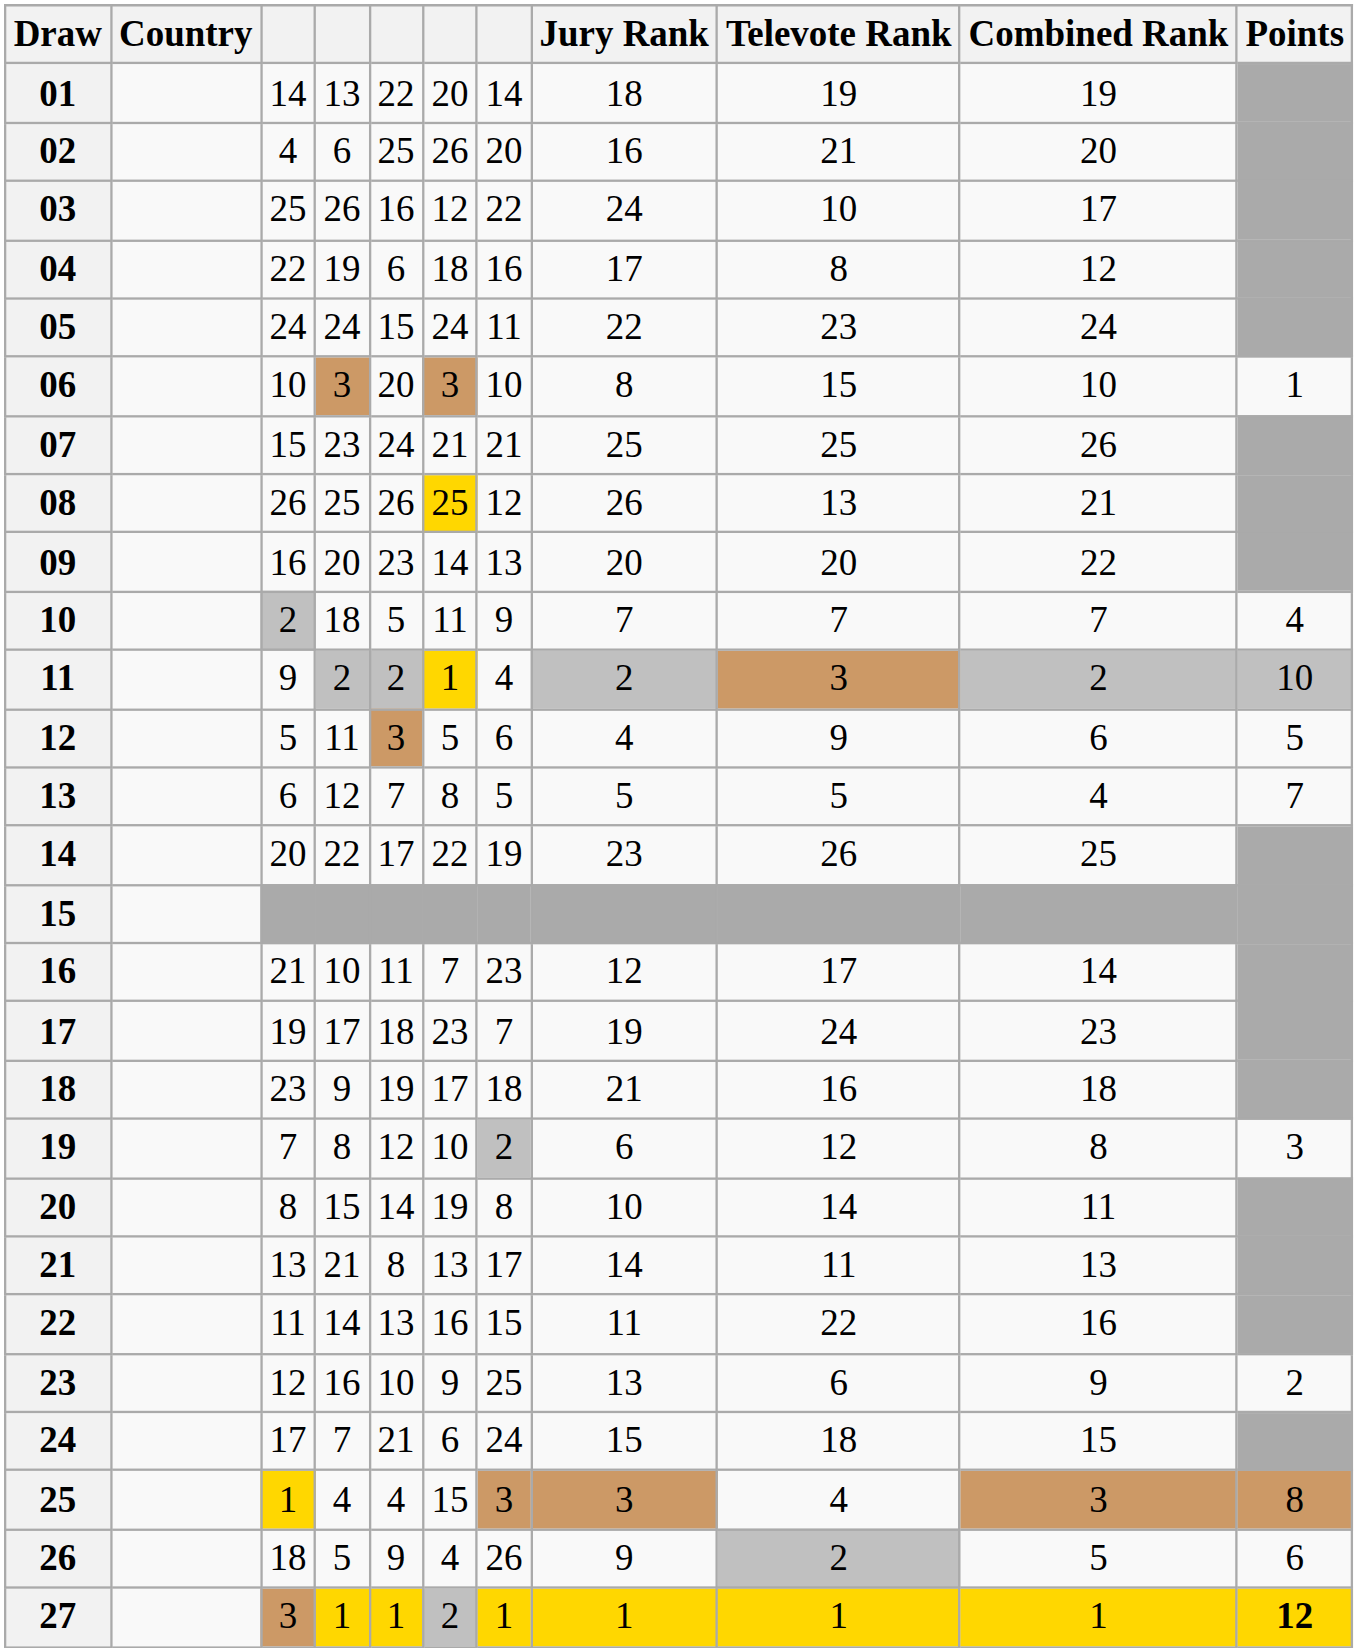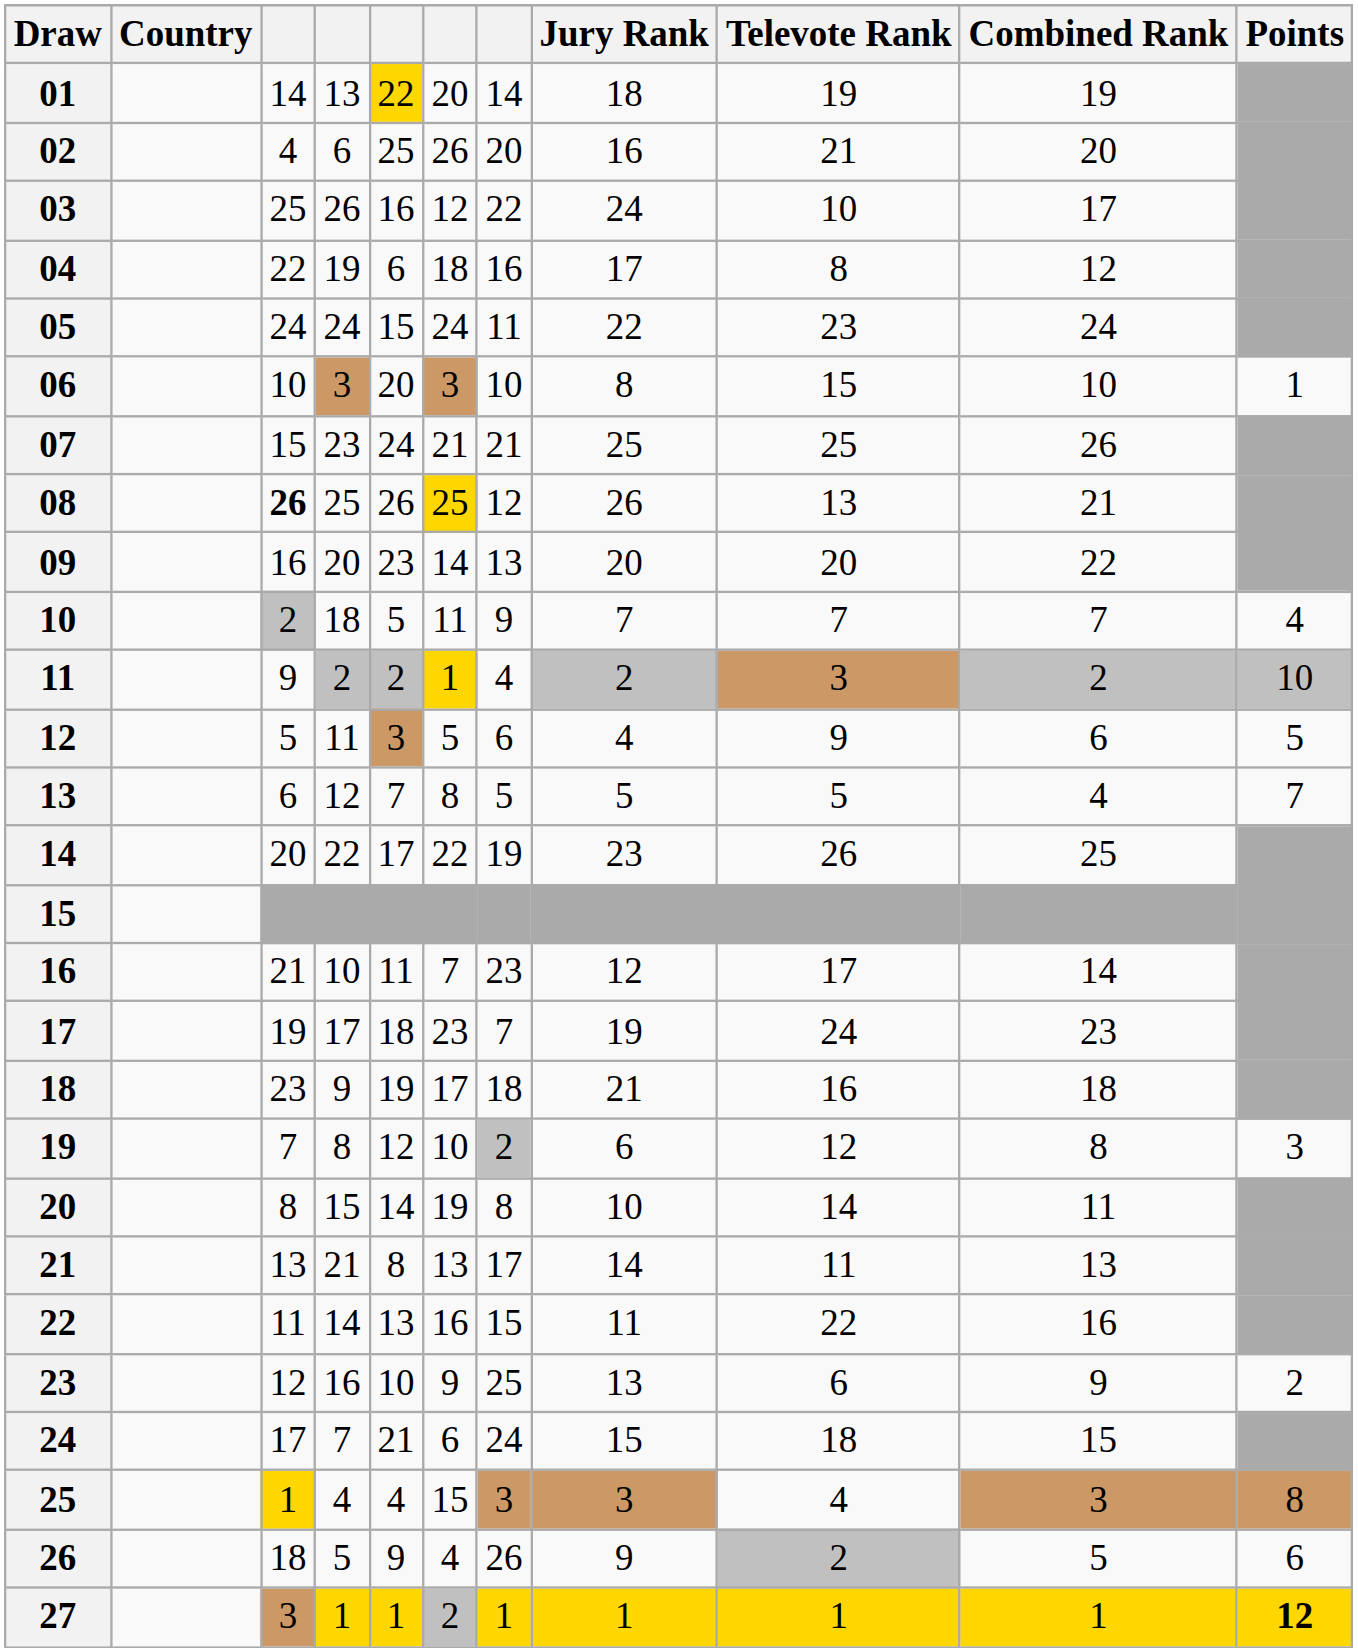 <table class="sortable wikitable collapsible plainrowheaders" style="text-align:center;">
 <tr>
 </tr>
 <tr>
 <th scope="col">Draw</th>
 <th scope="col">Country</th>
 <th scope="col"><small></small></th>
 <th scope="col"><small></small></th>
 <th scope="col"><small></small></th>
 <th scope="col"><small></small></th>
 <th scope="col"><small></small></th>
 <th scope="col">Jury Rank</th>
 <th scope="col">Televote Rank</th>
 <th scope="col">Combined Rank</th>
 <th scope="col">Points</th>
 </tr>
 <tr>
 <th scope="row" style="text-align:center;">01</th>
 <td style="text-align:left;"></td>
 <td>14</td>
 <td>13</td>
-<td>22</td>
+<td style="background: gold;">22</td>
 <td>20</td>
 <td>14</td>
 <td>18</td>
 <td>19</td>
 <td>19</td>
 <td style="background:#AAAAAA;"></td>
 </tr>
 <tr>
 <th scope="row" style="text-align:center;">02</th>
 <td style="text-align:left;"></td>
 <td>4</td>
 <td>6</td>
 <td>25</td>
 <td>26</td>
 <td>20</td>
 <td>16</td>
 <td>21</td>
 <td>20</td>
 <td style="background:#AAAAAA;"></td>
 </tr>
 <tr>
 <th scope="row" style="text-align:center;">03</th>
 <td style="text-align:left;"></td>
 <td>25</td>
 <td>26</td>
 <td>16</td>
 <td>12</td>
 <td>22</td>
 <td>24</td>
 <td>10</td>
 <td>17</td>
 <td style="background:#AAAAAA;"></td>
 </tr>
 <tr>
 <th scope="row" style="text-align:center;">04</th>
 <td style="text-align:left;"></td>
 <td>22</td>
 <td>19</td>
 <td>6</td>
 <td>18</td>
 <td>16</td>
 <td>17</td>
 <td>8</td>
 <td>12</td>
 <td style="background:#AAAAAA;"></td>
 </tr>
 <tr>
 <th scope="row" style="text-align:center;">05</th>
 <td style="text-align:left;"></td>
 <td>24</td>
 <td>24</td>
 <td>15</td>
 <td>24</td>
 <td>11</td>
 <td>22</td>
 <td>23</td>
 <td>24</td>
 <td style="background:#AAAAAA;"></td>
 </tr>
 <tr>
 <th scope="row" style="text-align:center;">06</th>
 <td style="text-align:left;"></td>
 <td>10</td>
 <td style="background:#CC9966;">3</td>
 <td>20</td>
 <td style="background:#CC9966;">3</td>
 <td>10</td>
 <td>8</td>
 <td>15</td>
 <td>10</td>
 <td>1</td>
 </tr>
 <tr>
 <th scope="row" style="text-align:center;">07</th>
 <td style="text-align:left;"></td>
 <td>15</td>
 <td>23</td>
 <td>24</td>
 <td>21</td>
 <td>21</td>
 <td>25</td>
 <td>25</td>
 <td>26</td>
 <td style="background:#AAAAAA;"></td>
 </tr>
 <tr>
 <th scope="row" style="text-align:center;">08</th>
 <td style="text-align:left;"></td>
-<td>26</td>
+<td><strong>26</strong></td>
 <td>25</td>
 <td>26</td>
 <td style="background: gold;">25</td>
 <td>12</td>
 <td>26</td>
 <td>13</td>
 <td>21</td>
 <td style="background:#AAAAAA;"></td>
 </tr>
 <tr>
 <th scope="row" style="text-align:center;">09</th>
 <td style="text-align:left;"></td>
 <td>16</td>
 <td>20</td>
 <td>23</td>
 <td>14</td>
 <td>13</td>
 <td>20</td>
 <td>20</td>
 <td>22</td>
 <td style="background:#AAAAAA;"></td>
 </tr>
 <tr>
 <th scope="row" style="text-align:center;">10</th>
 <td style="text-align:left;"></td>
 <td style="background:silver;">2</td>
 <td>18</td>
 <td>5</td>
 <td>11</td>
 <td>9</td>
 <td>7</td>
 <td>7</td>
 <td>7</td>
 <td>4</td>
 </tr>
 <tr>
 <th scope="row" style="text-align:center;">11</th>
 <td style="text-align:left;"></td>
 <td>9</td>
 <td style="background:silver;">2</td>
 <td style="background:silver;">2</td>
 <td style="background:gold;">1</td>
 <td>4</td>
 <td style="background:silver;">2</td>
 <td style="background:#CC9966;">3</td>
 <td style="background:silver;">2</td>
 <td style="background:silver;">10</td>
 </tr>
 <tr>
 <th scope="row" style="text-align:center;">12</th>
 <td style="text-align:left;"></td>
 <td>5</td>
 <td>11</td>
 <td style="background:#CC9966;">3</td>
 <td>5</td>
 <td>6</td>
 <td>4</td>
 <td>9</td>
 <td>6</td>
 <td>5</td>
 </tr>
 <tr>
 <th scope="row" style="text-align:center;">13</th>
 <td style="text-align:left;"></td>
 <td>6</td>
 <td>12</td>
 <td>7</td>
 <td>8</td>
 <td>5</td>
 <td>5</td>
 <td>5</td>
 <td>4</td>
 <td>7</td>
 </tr>
 <tr>
 <th scope="row" style="text-align:center;">14</th>
 <td style="text-align:left;"></td>
 <td>20</td>
 <td>22</td>
 <td>17</td>
 <td>22</td>
 <td>19</td>
 <td>23</td>
 <td>26</td>
 <td>25</td>
 <td style="background:#AAAAAA;"></td>
 </tr>
 <tr class="sortbottom">
 <th scope="row" style="text-align:center;">15</th>
 <td style="text-align:left;"></td>
 <td style="background:#AAAAAA;"></td>
 <td style="background:#AAAAAA;"></td>
 <td style="background:#AAAAAA;"></td>
 <td style="background:#AAAAAA;"></td>
 <td style="background:#AAAAAA;"></td>
 <td style="background:#AAAAAA;"></td>
 <td style="background:#AAAAAA;"></td>
 <td style="background:#AAAAAA;"></td>
 <td style="background:#AAAAAA;"></td>
 </tr>
 <tr>
 <th scope="row" style="text-align:center;">16</th>
 <td style="text-align:left;"></td>
 <td>21</td>
 <td>10</td>
 <td>11</td>
 <td>7</td>
 <td>23</td>
 <td>12</td>
 <td>17</td>
 <td>14</td>
 <td style="background:#AAAAAA;"></td>
 </tr>
 <tr>
 <th scope="row" style="text-align:center;">17</th>
 <td style="text-align:left;"></td>
 <td>19</td>
 <td>17</td>
 <td>18</td>
 <td>23</td>
 <td>7</td>
 <td>19</td>
 <td>24</td>
 <td>23</td>
 <td style="background:#AAAAAA;"></td>
 </tr>
 <tr>
 <th scope="row" style="text-align:center;">18</th>
 <td style="text-align:left;"></td>
 <td>23</td>
 <td>9</td>
 <td>19</td>
 <td>17</td>
 <td>18</td>
 <td>21</td>
 <td>16</td>
 <td>18</td>
 <td style="background:#AAAAAA;"></td>
 </tr>
 <tr>
 <th scope="row" style="text-align:center;">19</th>
 <td style="text-align:left;"></td>
 <td>7</td>
 <td>8</td>
 <td>12</td>
 <td>10</td>
 <td style="background:silver;">2</td>
 <td>6</td>
 <td>12</td>
 <td>8</td>
 <td>3</td>
 </tr>
 <tr>
 <th scope="row" style="text-align:center;">20</th>
 <td style="text-align:left;"></td>
 <td>8</td>
 <td>15</td>
 <td>14</td>
 <td>19</td>
 <td>8</td>
 <td>10</td>
 <td>14</td>
 <td>11</td>
 <td style="background:#AAAAAA;"></td>
 </tr>
 <tr>
 <th scope="row" style="text-align:center;">21</th>
 <td style="text-align:left;"></td>
 <td>13</td>
 <td>21</td>
 <td>8</td>
 <td>13</td>
 <td>17</td>
 <td>14</td>
 <td>11</td>
 <td>13</td>
 <td style="background:#AAAAAA;"></td>
 </tr>
 <tr>
 <th scope="row" style="text-align:center;">22</th>
 <td style="text-align:left;"></td>
 <td>11</td>
 <td>14</td>
 <td>13</td>
 <td>16</td>
 <td>15</td>
 <td>11</td>
 <td>22</td>
 <td>16</td>
 <td style="background:#AAAAAA;"></td>
 </tr>
 <tr>
 <th scope="row" style="text-align:center;">23</th>
 <td style="text-align:left;"></td>
 <td>12</td>
 <td>16</td>
 <td>10</td>
 <td>9</td>
 <td>25</td>
 <td>13</td>
 <td>6</td>
 <td>9</td>
 <td>2</td>
 </tr>
 <tr>
 <th scope="row" style="text-align:center;">24</th>
 <td style="text-align:left;"></td>
 <td>17</td>
 <td>7</td>
 <td>21</td>
 <td>6</td>
 <td>24</td>
 <td>15</td>
 <td>18</td>
 <td>15</td>
 <td style="background:#AAAAAA;"></td>
 </tr>
 <tr>
 <th scope="row" style="text-align:center;">25</th>
 <td style="text-align:left;"></td>
 <td style="background:gold;">1</td>
 <td>4</td>
 <td>4</td>
 <td>15</td>
 <td style="background:#CC9966;">3</td>
 <td style="background:#CC9966;">3</td>
 <td>4</td>
 <td style="background:#CC9966;">3</td>
 <td style="background:#CC9966;">8</td>
 </tr>
 <tr>
 <th scope="row" style="text-align:center;">26</th>
 <td style="text-align:left;"></td>
 <td>18</td>
 <td>5</td>
 <td>9</td>
 <td>4</td>
 <td>26</td>
 <td>9</td>
 <td style="background:silver;">2</td>
 <td>5</td>
 <td>6</td>
 </tr>
 <tr>
 <th scope="row" style="text-align:center;">27</th>
 <td style="text-align:left;"></td>
 <td style="background:#CC9966;">3</td>
 <td style="background:gold;">1</td>
 <td style="background:gold;">1</td>
 <td style="background:silver;">2</td>
 <td style="background:gold;">1</td>
 <td style="background:gold;">1</td>
 <td style="background:gold;">1</td>
 <td style="background:gold;">1</td>
 <td style="background:gold;"><strong>12</strong></td>
 </tr>
 </table>
